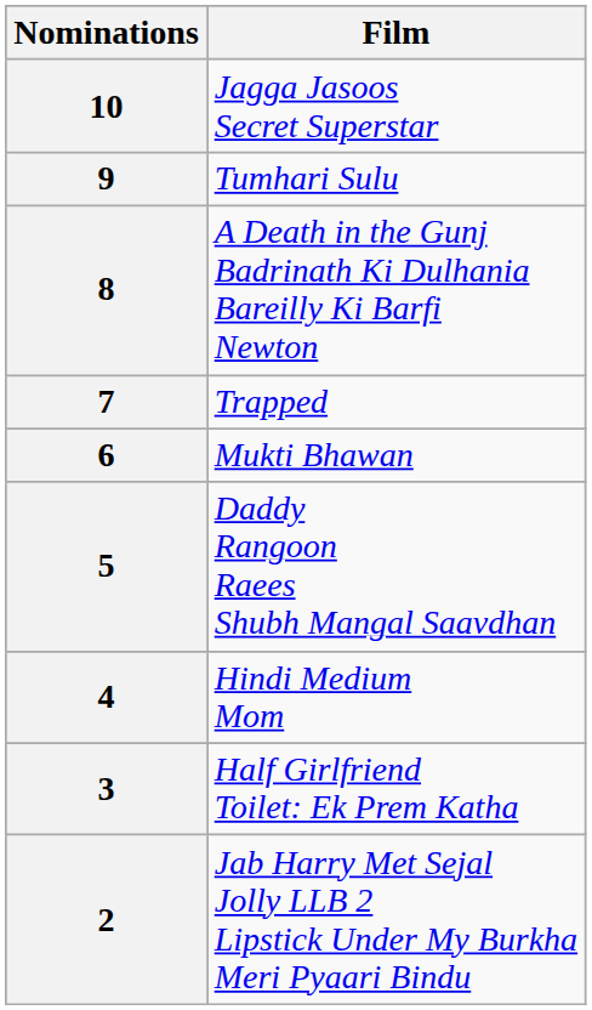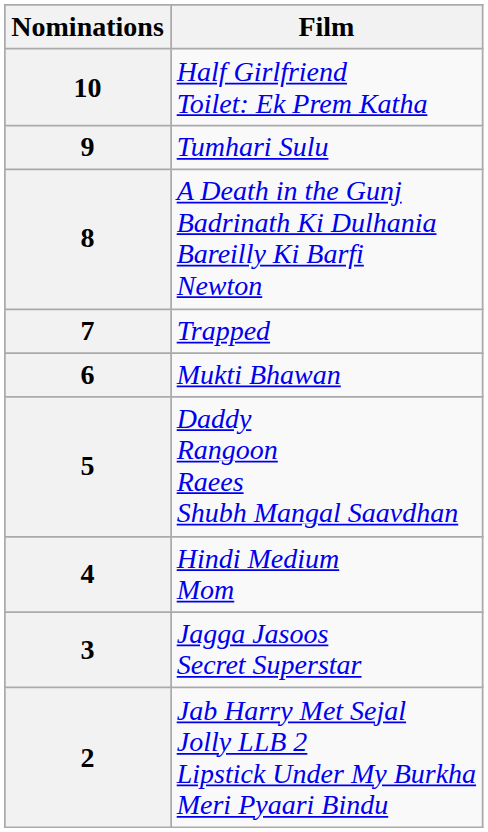 <table class="wikitable">
 <tr>
 <th>Nominations</th>
 <th>Film</th>
 </tr>
 <tr>
 <th scope=row>10</th>
-<td><em><a href='#'>Jagga Jasoos</a></em> <br> <em><a href='#'>Secret Superstar</a></em></td>
+<td><em><a href='#'>Half Girlfriend</a></em> <br> <em><a href='#'>Toilet: Ek Prem Katha</a></em></td>
 </tr>
 <tr>
 <th scope=row>9</th>
 <td><em><a href='#'>Tumhari Sulu</a></em></td>
 </tr>
 <tr>
 <th scope=row>8</th>
 <td><em><a href='#'>A Death in the Gunj</a></em> <br> <em><a href='#'>Badrinath Ki Dulhania</a></em> <br> <em><a href='#'>Bareilly Ki Barfi</a></em> <br> <em><a href='#'>Newton</a></em></td>
 </tr>
 <tr>
 <th scope=row>7</th>
 <td><em><a href='#'>Trapped</a></em></td>
 </tr>
 <tr>
 <th scope=row>6</th>
 <td><em><a href='#'>Mukti Bhawan</a></em></td>
 </tr>
 <tr>
 <th scope=row>5</th>
 <td><em><a href='#'>Daddy</a></em> <br><em><a href='#'>Rangoon</a></em> <br> <em><a href='#'>Raees</a></em> <br> <em><a href='#'>Shubh Mangal Saavdhan</a></em></td>
 </tr>
 <tr>
 <th scope=row>4</th>
 <td><em><a href='#'>Hindi Medium</a></em> <br> <em><a href='#'>Mom</a></em></td>
 </tr>
 <tr>
 <th scope=row>3</th>
-<td><em><a href='#'>Half Girlfriend</a></em> <br> <em><a href='#'>Toilet: Ek Prem Katha</a></em></td>
+<td><em><a href='#'>Jagga Jasoos</a></em> <br> <em><a href='#'>Secret Superstar</a></em></td>
 </tr>
 <tr>
 <th scope=row>2</th>
 <td><em><a href='#'>Jab Harry Met Sejal</a></em> <br> <em><a href='#'>Jolly LLB 2</a></em> <br> <em><a href='#'>Lipstick Under My Burkha</a></em> <br><em><a href='#'>Meri Pyaari Bindu</a></em><br></td>
 </tr>
 </table>
